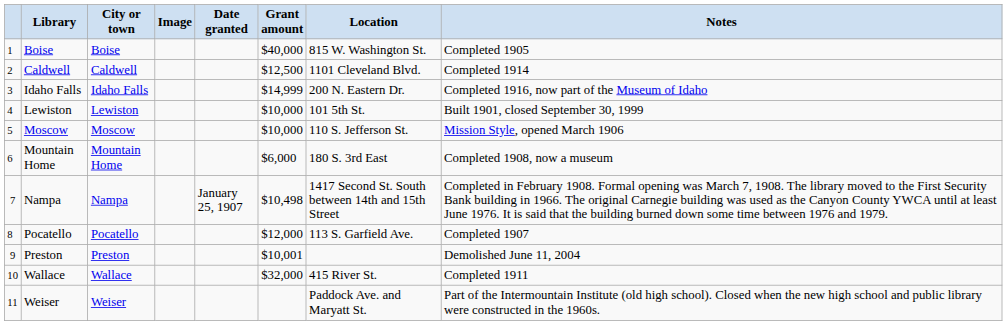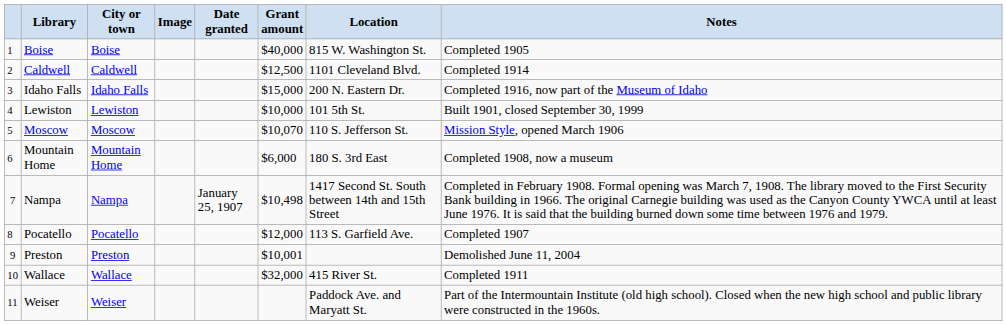 <table class="wikitable sortable" align="center">
 <tr>
 <th style="background-color:#CEE0F2;"></th>
 <th style="background-color:#CEE0F2;">Library</th>
 <th style="background-color:#CEE0F2;">City or<br>town</th>
 <th style="background-color:#CEE0F2;" class="unsortable">Image</th>
 <th style="background-color:#CEE0F2;">Date<br>granted</th>
 <th style="background-color:#CEE0F2;">Grant<br>amount</th>
 <th style="background-color:#CEE0F2;">Location</th>
 <th style="background-color:#CEE0F2;" class="unsortable">Notes</th>
 </tr>
 <tr ->
 <td><small>1</small></td>
 <td><a href='#'>Boise</a></td>
 <td><a href='#'>Boise</a></td>
 <td></td>
 <td></td>
 <td>$40,000</td>
 <td>815 W. Washington St.<br><small></small></td>
 <td>Completed 1905</td>
 </tr>
 <tr ->
 <td><small>2</small></td>
 <td><a href='#'>Caldwell</a></td>
 <td><a href='#'>Caldwell</a></td>
 <td></td>
 <td></td>
 <td>$12,500</td>
 <td>1101 Cleveland Blvd.<br><small></small></td>
 <td>Completed 1914</td>
 </tr>
 <tr ->
 <td><small>3</small></td>
 <td>Idaho Falls</td>
 <td><a href='#'>Idaho Falls</a></td>
 <td></td>
 <td></td>
-<td>$14,999</td>
+<td>$15,000</td>
 <td>200 N. Eastern Dr.<br><small></small></td>
 <td>Completed 1916, now part of the <a href='#'>Museum of Idaho</a></td>
 </tr>
 <tr ->
 <td><small>4</small></td>
 <td>Lewiston</td>
 <td><a href='#'>Lewiston</a></td>
 <td></td>
 <td></td>
 <td>$10,000</td>
 <td>101 5th St.<br><small></small></td>
 <td>Built 1901, closed September 30, 1999</td>
 </tr>
 <tr ->
 <td><small>5</small></td>
 <td><a href='#'>Moscow</a></td>
 <td><a href='#'>Moscow</a></td>
 <td></td>
 <td></td>
-<td>$10,000</td>
+<td>$10,070</td>
 <td>110 S. Jefferson St.<br><small></small></td>
 <td><a href='#'>Mission Style</a>, opened March 1906</td>
 </tr>
 <tr ->
 <td><small>6</small></td>
 <td>Mountain Home</td>
 <td><a href='#'>Mountain Home</a></td>
 <td></td>
 <td></td>
 <td>$6,000</td>
 <td>180 S. 3rd East<br><small></small></td>
 <td>Completed 1908, now a museum</td>
 </tr>
 <tr ->
 <td align=center><small>7</small></td>
 <td>Nampa</td>
 <td><a href='#'>Nampa</a></td>
 <td></td>
 <td>January 25, 1907</td>
 <td>$10,498</td>
 <td>1417 Second St. South between 14th and 15th Street</td>
 <td>Completed in February 1908. Formal opening was March 7, 1908. The library moved to the First Security Bank building in 1966. The original Carnegie building was used as the Canyon County YWCA until at least June 1976. It is said that the building burned down some time between 1976 and 1979.</td>
 </tr>
 <tr ->
 <td><small>8</small></td>
 <td>Pocatello</td>
 <td><a href='#'>Pocatello</a></td>
 <td></td>
 <td></td>
 <td>$12,000</td>
 <td>113 S. Garfield Ave.<br><small></small></td>
 <td>Completed 1907</td>
 </tr>
 <tr ->
 <td align=center><small>9</small></td>
 <td>Preston</td>
 <td><a href='#'>Preston</a></td>
 <td></td>
 <td></td>
 <td>$10,001</td>
 <td></td>
 <td>Demolished June 11, 2004</td>
 </tr>
 <tr ->
 <td><small>10</small></td>
 <td>Wallace</td>
 <td><a href='#'>Wallace</a></td>
 <td></td>
 <td></td>
 <td>$32,000</td>
 <td>415 River St.<br><small></small></td>
 <td>Completed 1911</td>
 </tr>
 <tr ->
 <td><small>11</small></td>
 <td>Weiser</td>
 <td><a href='#'>Weiser</a></td>
 <td></td>
 <td></td>
 <td></td>
 <td>Paddock Ave. and Maryatt St.<br><small></small></td>
 <td>Part of the Intermountain Institute (old high school). Closed when the new high school and public library were constructed in the 1960s.</td>
 </tr>
 </table>
